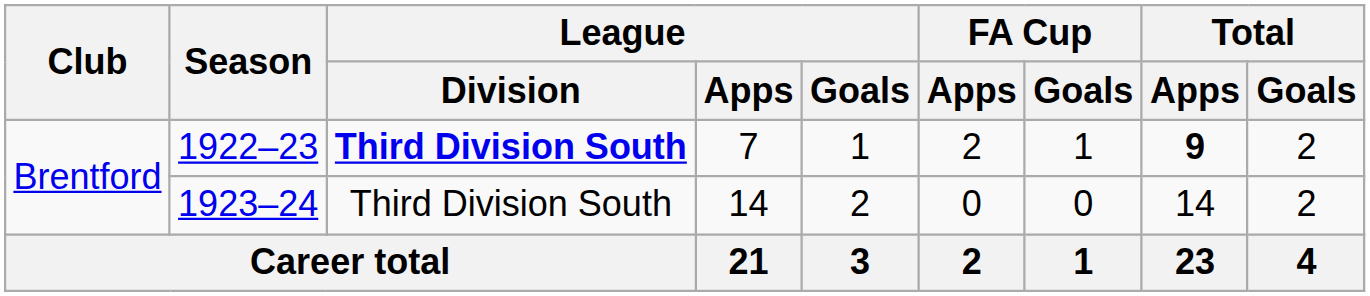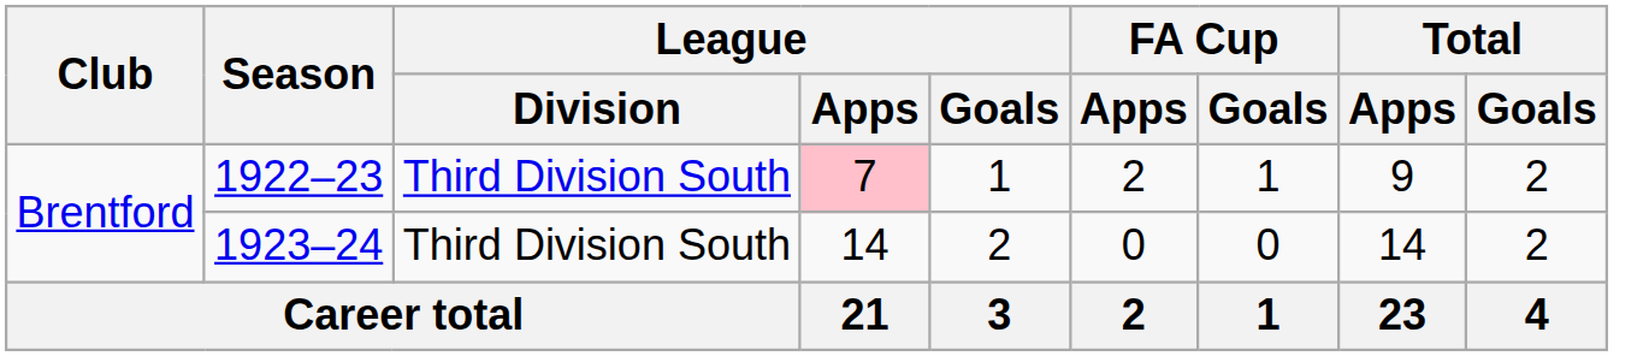 <table class="wikitable" style="text-align: center;">
 <tr>
 <th rowspan="2">Club</th>
 <th rowspan="2">Season</th>
 <th colspan="3">League</th>
 <th colspan="2">FA Cup</th>
 <th colspan="2">Total</th>
 </tr>
 <tr>
 <th>Division</th>
 <th>Apps</th>
 <th>Goals</th>
 <th>Apps</th>
 <th>Goals</th>
 <th>Apps</th>
 <th>Goals</th>
 </tr>
 <tr>
 <td rowspan="2"><a href='#'>Brentford</a></td>
 <td><a href='#'>1922–23</a></td>
-<td><strong><a href='#'>Third Division South</a></strong></td>
-<td>7</td>
+<td><a href='#'>Third Division South</a></td>
+<td style="background: pink;">7</td>
 <td>1</td>
 <td>2</td>
 <td>1</td>
-<td><strong>9</strong></td>
+<td>9</td>
 <td>2</td>
 </tr>
 <tr>
 <td><a href='#'>1923–24</a></td>
 <td>Third Division South</td>
 <td>14</td>
 <td>2</td>
 <td>0</td>
 <td>0</td>
 <td>14</td>
 <td>2</td>
 </tr>
 <tr>
 <th colspan="3">Career total</th>
 <th>21</th>
 <th>3</th>
 <th>2</th>
 <th>1</th>
 <th>23</th>
 <th>4</th>
 </tr>
 </table>
